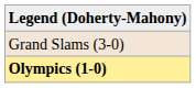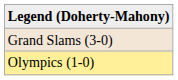 <table class="wikitable"  style="font-size:89%;">
 <tr bgcolor="#eeeeee">
 <td><strong>Legend (Doherty-Mahony)</strong></td>
 </tr>
 <tr bgcolor=#F3E6D7>
 <td>Grand Slams (3-0)</td>
 </tr>
 <tr bgcolor=FFF099>
-<td><strong>Olympics (1-0)</strong></td>
+<td>Olympics (1-0)</td>
 </tr>
 </table>
